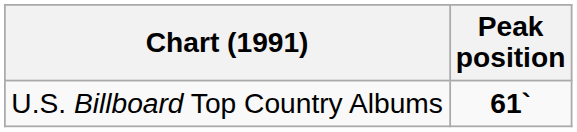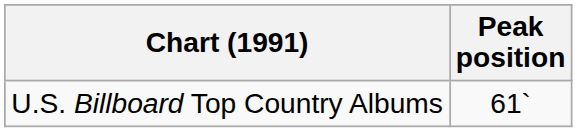 <table class="wikitable">
 <tr>
 <th>Chart (1991)</th>
 <th>Peak<br>position</th>
 </tr>
 <tr>
 <td>U.S. <em>Billboard</em> Top Country Albums</td>
-<td align="center"><strong>61`</strong></td>
+<td align="center">61`</td>
 </tr>
 </table>
